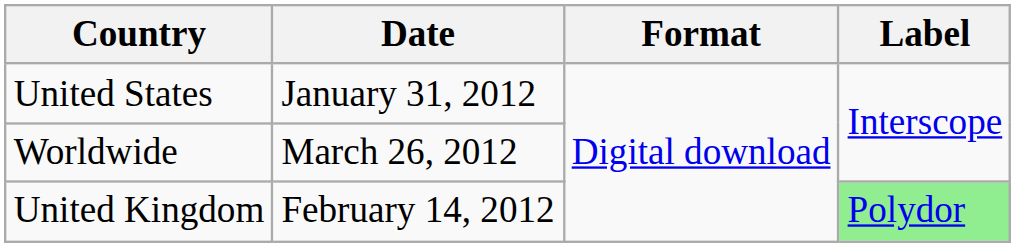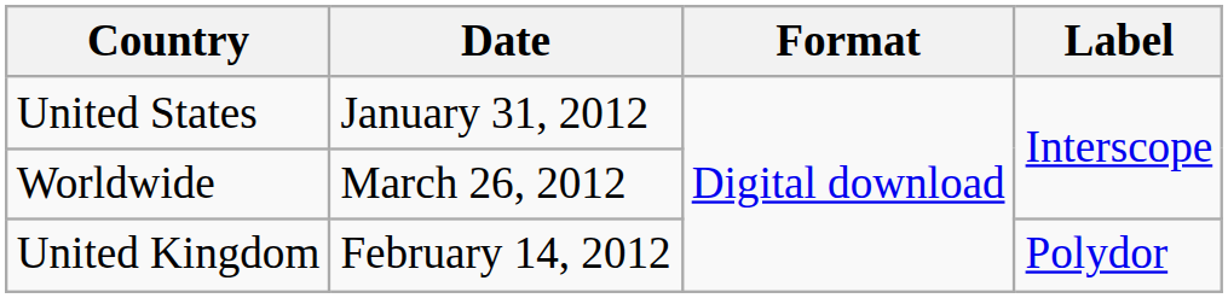 <table class="wikitable">
 <tr>
 <th>Country</th>
 <th>Date</th>
 <th>Format</th>
 <th>Label</th>
 </tr>
 <tr>
 <td>United States</td>
 <td>January 31, 2012</td>
 <td rowspan="3"><a href='#'>Digital download</a></td>
 <td rowspan="2"><a href='#'>Interscope</a></td>
 </tr>
 <tr>
 <td>Worldwide</td>
 <td>March 26, 2012</td>
 </tr>
 <tr>
 <td>United Kingdom</td>
 <td>February 14, 2012</td>
-<td style="background: lightgreen;"><a href='#'>Polydor</a></td>
+<td><a href='#'>Polydor</a></td>
 </tr>
 </table>
